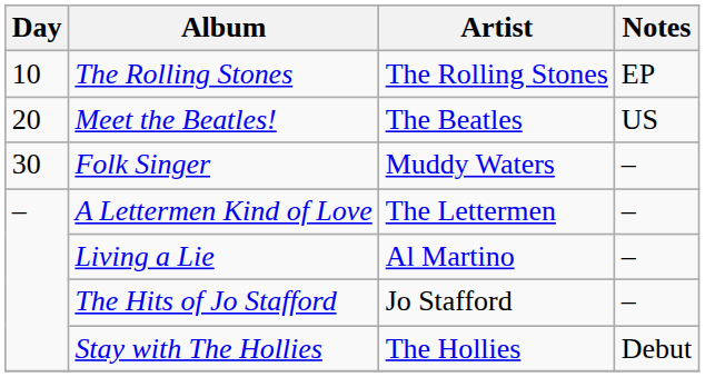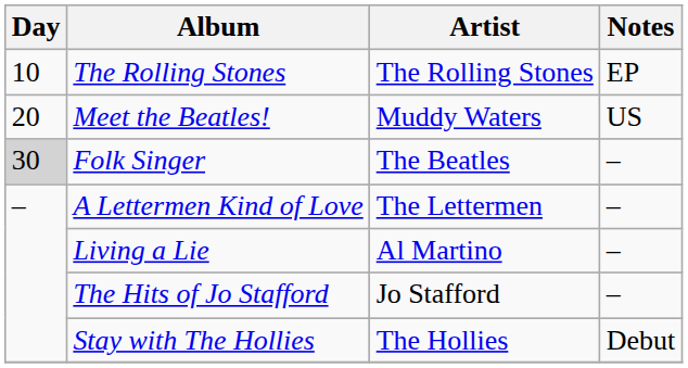 <table class="wikitable">
 <tr>
 <th>Day</th>
 <th>Album</th>
 <th>Artist</th>
 <th>Notes</th>
 </tr>
 <tr>
 <td>10</td>
 <td><em><a href='#'>The Rolling Stones</a></em></td>
 <td><a href='#'>The Rolling Stones</a></td>
 <td>EP</td>
 </tr>
 <tr>
 <td>20</td>
 <td><em><a href='#'>Meet the Beatles!</a></em></td>
-<td><a href='#'>The Beatles</a></td>
+<td><a href='#'>Muddy Waters</a></td>
 <td>US</td>
 </tr>
 <tr>
-<td>30</td>
+<td style="background: lightgrey;">30</td>
 <td><em><a href='#'>Folk Singer</a></em></td>
-<td><a href='#'>Muddy Waters</a></td>
+<td><a href='#'>The Beatles</a></td>
 <td>–</td>
 </tr>
 <tr>
 <td rowspan="4" style="vertical-align:top;">–</td>
 <td><em><a href='#'>A Lettermen Kind of Love</a></em></td>
 <td><a href='#'>The Lettermen</a></td>
 <td>–</td>
 </tr>
 <tr>
 <td><em><a href='#'>Living a Lie</a></em></td>
 <td><a href='#'>Al Martino</a></td>
 <td>–</td>
 </tr>
 <tr>
 <td><em><a href='#'>The Hits of Jo Stafford</a></em></td>
 <td>Jo Stafford</td>
 <td>–</td>
 </tr>
 <tr>
 <td><em><a href='#'>Stay with The Hollies</a></em></td>
 <td><a href='#'>The Hollies</a></td>
 <td>Debut</td>
 </tr>
 <tr>
 </tr>
 </table>
